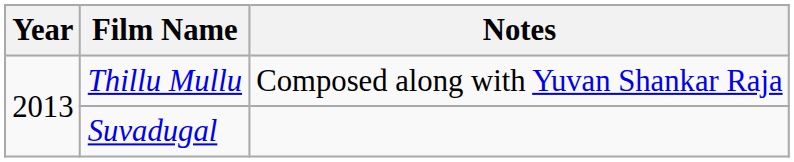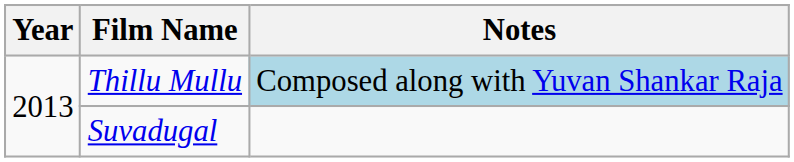 <table class="wikitable sortable" style="font-size:95%;">
 <tr>
 <th>Year</th>
 <th>Film Name</th>
 <th>Notes</th>
 </tr>
 <tr>
 <td rowspan="2">2013</td>
 <td><em><a href='#'>Thillu Mullu</a></em></td>
-<td>Composed along with <a href='#'>Yuvan Shankar Raja</a></td>
+<td style="background: lightblue;">Composed along with <a href='#'>Yuvan Shankar Raja</a></td>
 </tr>
 <tr>
 <td><em><a href='#'>Suvadugal</a></em></td>
 <td></td>
 </tr>
 </table>
